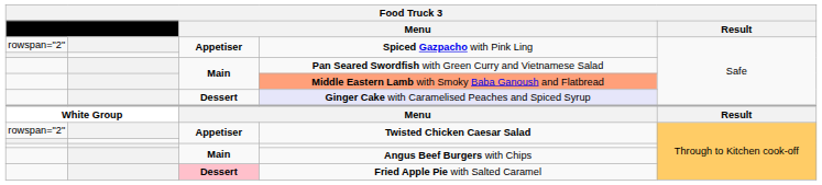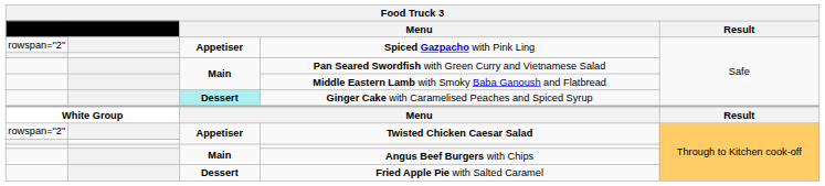 <table class="wikitable plainrowheaders" style="margin:1em auto; text-align:center; font-size:90%; width:80em;">
 <tr>
 <th colspan="5" >Food Truck 3</th>
 </tr>
 <tr>
 <th style="width:20%; background:black" colspan="2"></th>
 <th style="width:60%;" colspan="2">Menu</th>
 <th style="width:20%;">Result</th>
 </tr>
 <tr>
 <td>rowspan="2" </td>
 <th></th>
 <td rowspan="2"><strong>Appetiser</strong></td>
 <td rowspan="2"><strong>Spiced <a href='#'>Gazpacho</a></strong> with Pink Ling</td>
 <td rowspan="5">Safe</td>
 </tr>
 <tr>
 <th></th>
 </tr>
 <tr>
 <td></td>
 <th></th>
 <td rowspan="2"><strong>Main</strong></td>
 <td><strong>Pan Seared Swordfish</strong> with Green Curry and Vietnamese Salad</td>
 </tr>
 <tr>
 <td></td>
 <th></th>
-<td style="background: lightsalmon;"><strong>Middle Eastern Lamb</strong> with Smoky <a href='#'>Baba Ganoush</a> and Flatbread</td>
+<td><strong>Middle Eastern Lamb</strong> with Smoky <a href='#'>Baba Ganoush</a> and Flatbread</td>
 </tr>
 <tr>
 <td></td>
 <th></th>
-<td><strong>Dessert</strong></td>
-<td style="background: lavender;"><strong>Ginger Cake</strong> with Caramelised Peaches and Spiced Syrup</td>
+<td style="background: paleturquoise;"><strong>Dessert</strong></td>
+<td><strong>Ginger Cake</strong> with Caramelised Peaches and Spiced Syrup</td>
 </tr>
 <tr style="border-top:3px solid #aaa;">
 <th style="width:20%; background:white" colspan="2">White Group</th>
 <th style="width:60%;" colspan="2">Menu</th>
 <th style="width:20%;">Result</th>
 </tr>
 <tr>
 <td>rowspan="2" </td>
 <th style="width:14%;"></th>
 <td style="width:10%;" rowspan="2"><strong>Appetiser</strong></td>
 <td rowspan="2"><strong>Twisted Chicken Caesar Salad</strong></td>
 <td rowspan="5" style="background:#fc6;">Through to Kitchen cook-off</td>
 </tr>
 <tr>
 <th></th>
 </tr>
 <tr>
 <td></td>
 <th></th>
 <td rowspan="2"><strong>Main</strong></td>
 <td></td>
 </tr>
 <tr>
 <td></td>
 <th></th>
 <td><strong>Angus Beef Burgers</strong> with Chips</td>
 </tr>
 <tr>
 <td></td>
 <th></th>
-<td style="background: pink;"><strong>Dessert</strong></td>
+<td><strong>Dessert</strong></td>
 <td><strong>Fried Apple Pie</strong> with Salted Caramel</td>
 </tr>
 </table>
